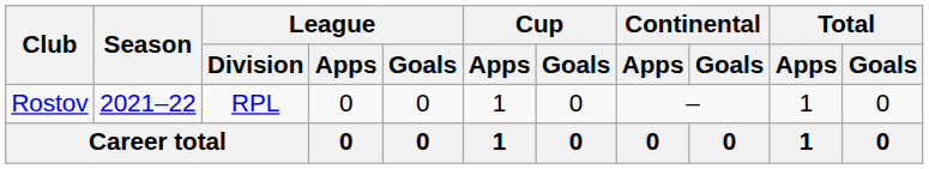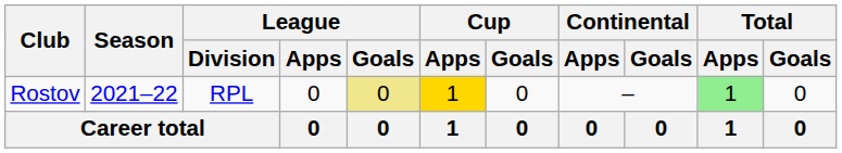 <table class="wikitable" style="text-align: center;">
 <tr>
 <th rowspan=2>Club</th>
 <th rowspan=2>Season</th>
 <th colspan=3>League</th>
 <th colspan=2>Cup</th>
 <th colspan=2>Continental</th>
 <th colspan=2>Total</th>
 </tr>
 <tr>
 <th>Division</th>
 <th>Apps</th>
 <th>Goals</th>
 <th>Apps</th>
 <th>Goals</th>
 <th>Apps</th>
 <th>Goals</th>
 <th>Apps</th>
 <th>Goals</th>
 </tr>
 <tr>
 <td><a href='#'>Rostov</a></td>
 <td><a href='#'>2021–22</a></td>
 <td><a href='#'>RPL</a></td>
 <td>0</td>
-<td>0</td>
-<td>1</td>
+<td style="background: khaki;">0</td>
+<td style="background: gold;">1</td>
 <td>0</td>
 <td colspan=2>–</td>
-<td>1</td>
+<td style="background: lightgreen;">1</td>
 <td>0</td>
 </tr>
 <tr>
 <th colspan=3>Career total</th>
 <th>0</th>
 <th>0</th>
 <th>1</th>
 <th>0</th>
 <th>0</th>
 <th>0</th>
 <th>1</th>
 <th>0</th>
 </tr>
 </table>
